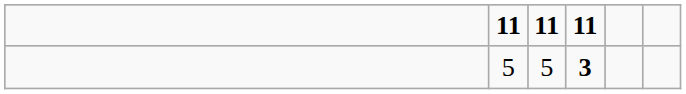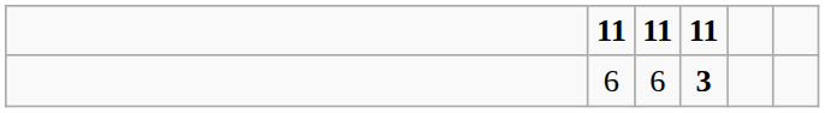 <table class="wikitable">
 <tr>
 <td style="width:18em"></td>
 <td align=center style="width:1em"><strong>11</strong></td>
 <td align=center style="width:1em"><strong>11</strong></td>
 <td align=center style="width:1em"><strong>11</strong></td>
 <td align=center style="width:1em"></td>
 <td align=center style="width:1em"></td>
 </tr>
 <tr>
 <td style="width:18em"></td>
-<td align=center style="width:1em">5</td>
-<td align=center style="width:1em">5</td>
+<td align=center style="width:1em">6</td>
+<td align=center style="width:1em">6</td>
 <td align=center style="width:1em"><strong>3</strong></td>
 <td align=center style="width:1em"></td>
 <td align=center style="width:1em"></td>
 </tr>
 </table>
